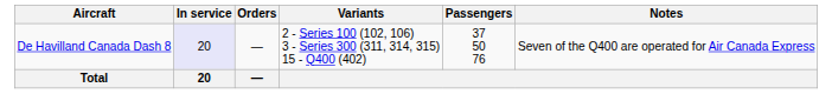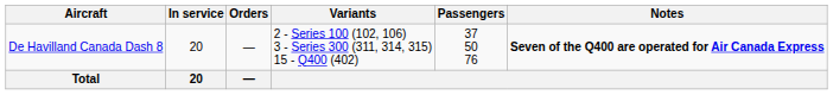 <table class="wikitable" style="border-collapse:collapse;text-align:center;margin:auto;">
 <tr>
 <th>Aircraft</th>
 <th>In service</th>
 <th>Orders</th>
 <th>Variants</th>
 <th>Passengers</th>
 <th>Notes</th>
 </tr>
 <tr>
 <td align=left><a href='#'>De Havilland Canada Dash 8</a></td>
-<td style="background: lavender;">20</td>
+<td>20</td>
 <td>—</td>
 <td align=left>2 - <a href='#'>Series 100</a> (102, 106)<br>3 - <a href='#'>Series 300</a> (311, 314, 315)<br>15 - <a href='#'>Q400</a> (402)</td>
 <td>37<br>50<br>76</td>
-<td align=left>Seven of the Q400 are operated for <a href='#'>Air Canada Express</a></td>
+<td align=left><strong>Seven of the Q400 are operated for <a href='#'>Air Canada Express</a></strong></td>
 </tr>
 <tr>
 <th>Total</th>
 <th>20</th>
 <th>—</th>
 <th colspan="3"></th>
 </tr>
 </table>
